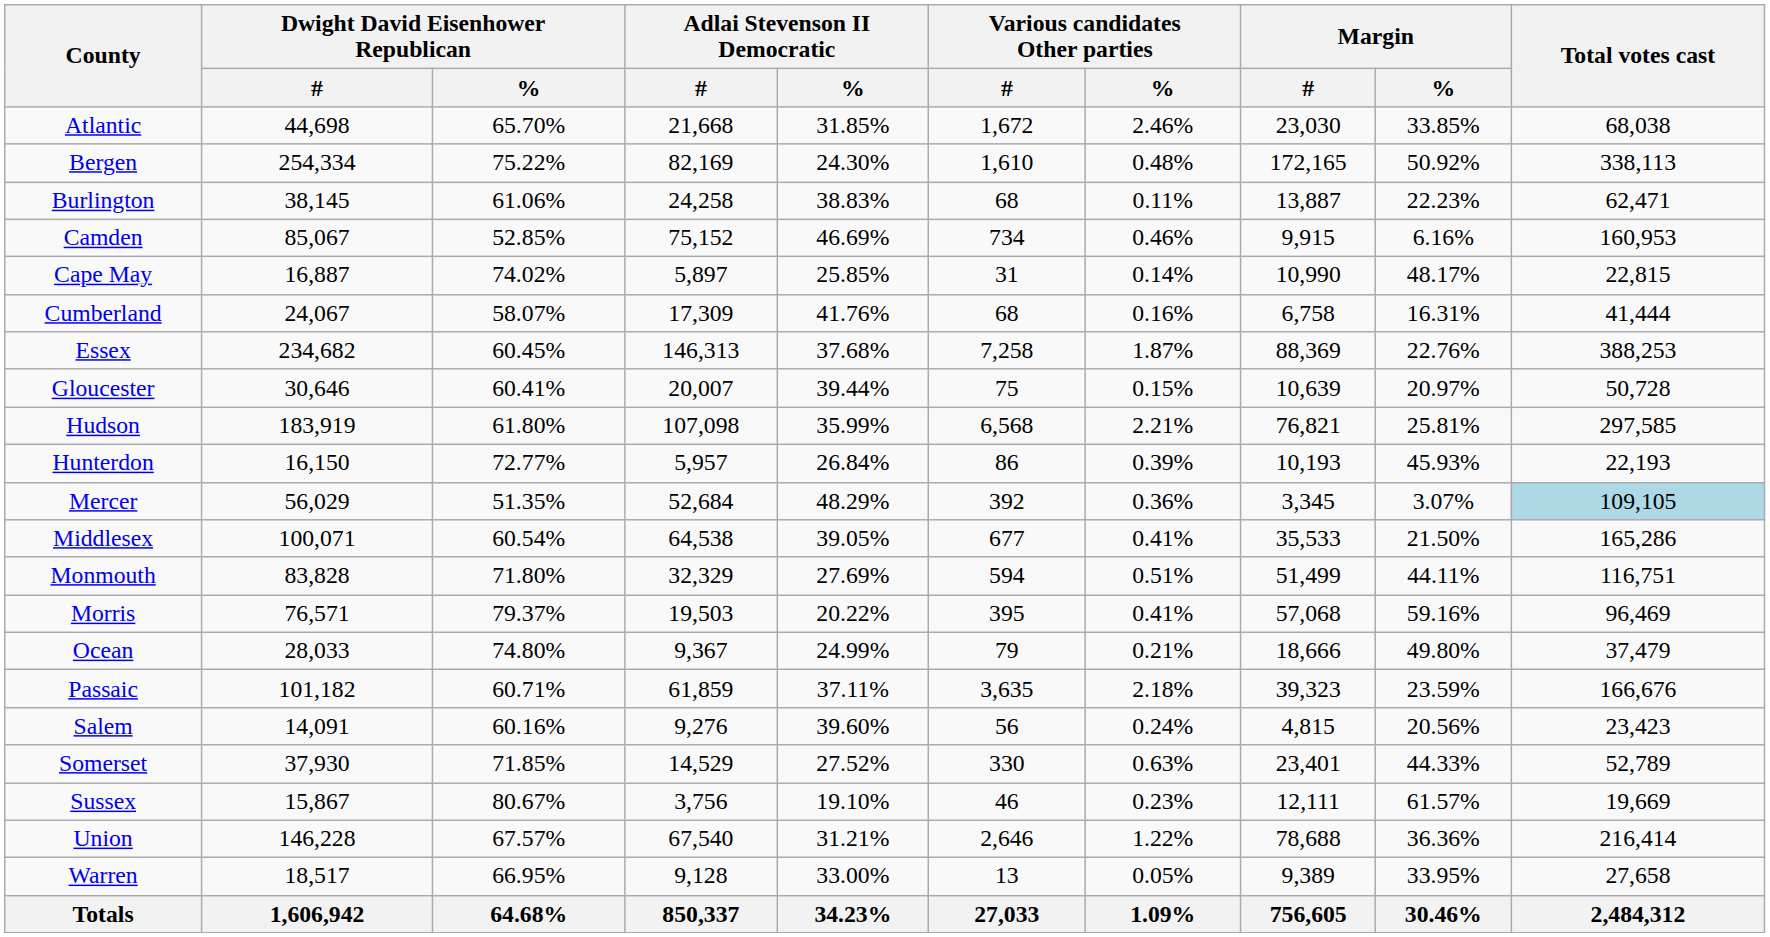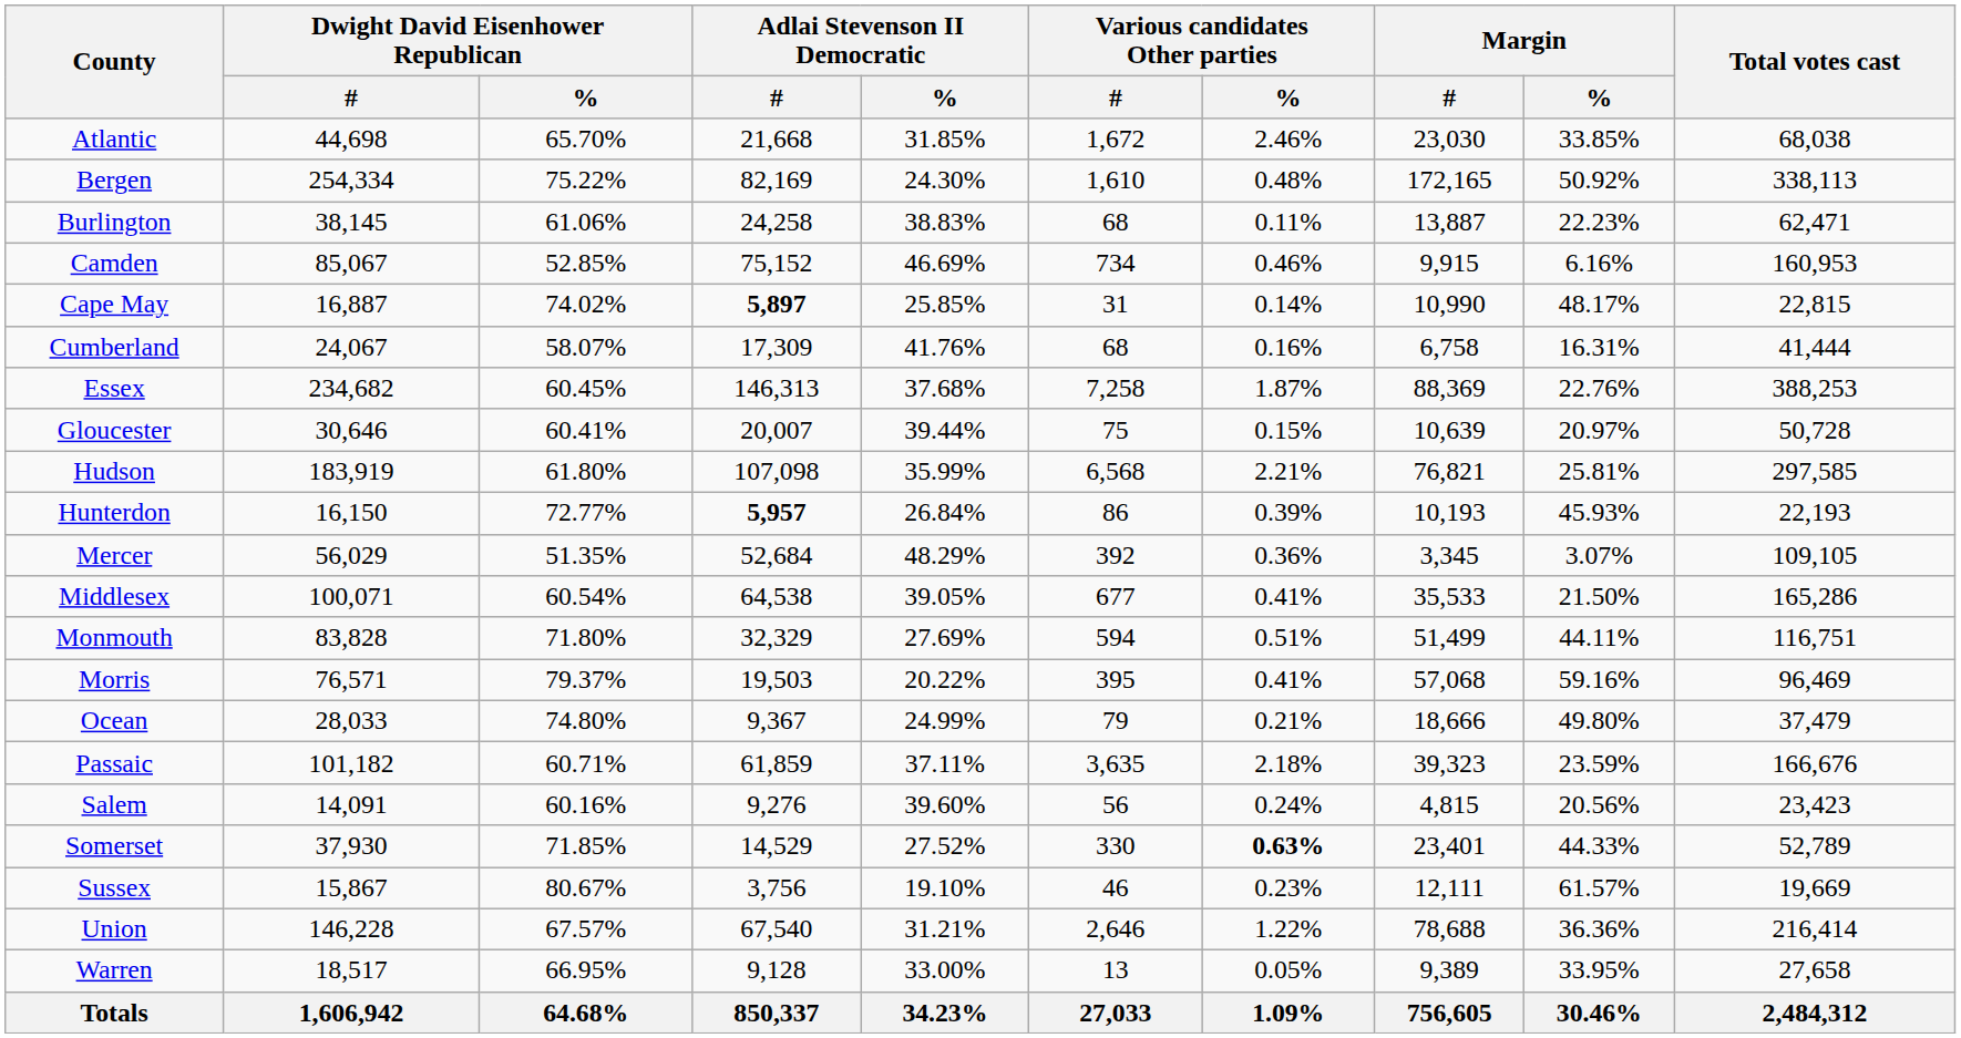 <table width="60%"  class="wikitable sortable" style="text-align:center">
 <tr>
 <th style="text-align:center;" rowspan="2">County</th>
 <th style="text-align:center;" colspan="2">Dwight David Eisenhower<br>Republican</th>
 <th style="text-align:center;" colspan="2">Adlai Stevenson II<br>Democratic</th>
 <th style="text-align:center;" colspan="2">Various candidates<br>Other parties</th>
 <th style="text-align:center;" colspan="2">Margin</th>
 <th style="text-align:center;" rowspan="2">Total votes cast</th>
 </tr>
 <tr>
 <th data-sort-type="number">#</th>
 <th data-sort-type="number">%</th>
 <th data-sort-type="number">#</th>
 <th data-sort-type="number">%</th>
 <th data-sort-type="number">#</th>
 <th data-sort-type="number">%</th>
 <th data-sort-type="number">#</th>
 <th data-sort-type="number">%</th>
 </tr>
 <tr style="text-align:center;">
 <td><a href='#'>Atlantic</a></td>
 <td>44,698</td>
 <td>65.70%</td>
 <td>21,668</td>
 <td>31.85%</td>
 <td>1,672</td>
 <td>2.46%</td>
 <td>23,030</td>
 <td>33.85%</td>
 <td>68,038</td>
 </tr>
 <tr style="text-align:center;">
 <td><a href='#'>Bergen</a></td>
 <td>254,334</td>
 <td>75.22%</td>
 <td>82,169</td>
 <td>24.30%</td>
 <td>1,610</td>
 <td>0.48%</td>
 <td>172,165</td>
 <td>50.92%</td>
 <td>338,113</td>
 </tr>
 <tr style="text-align:center;">
 <td><a href='#'>Burlington</a></td>
 <td>38,145</td>
 <td>61.06%</td>
 <td>24,258</td>
 <td>38.83%</td>
 <td>68</td>
 <td>0.11%</td>
 <td>13,887</td>
 <td>22.23%</td>
 <td>62,471</td>
 </tr>
 <tr style="text-align:center;">
 <td><a href='#'>Camden</a></td>
 <td>85,067</td>
 <td>52.85%</td>
 <td>75,152</td>
 <td>46.69%</td>
 <td>734</td>
 <td>0.46%</td>
 <td>9,915</td>
 <td>6.16%</td>
 <td>160,953</td>
 </tr>
 <tr style="text-align:center;">
 <td><a href='#'>Cape May</a></td>
 <td>16,887</td>
 <td>74.02%</td>
-<td>5,897</td>
+<td><strong>5,897</strong></td>
 <td>25.85%</td>
 <td>31</td>
 <td>0.14%</td>
 <td>10,990</td>
 <td>48.17%</td>
 <td>22,815</td>
 </tr>
 <tr style="text-align:center;">
 <td><a href='#'>Cumberland</a></td>
 <td>24,067</td>
 <td>58.07%</td>
 <td>17,309</td>
 <td>41.76%</td>
 <td>68</td>
 <td>0.16%</td>
 <td>6,758</td>
 <td>16.31%</td>
 <td>41,444</td>
 </tr>
 <tr style="text-align:center;">
 <td><a href='#'>Essex</a></td>
 <td>234,682</td>
 <td>60.45%</td>
 <td>146,313</td>
 <td>37.68%</td>
 <td>7,258</td>
 <td>1.87%</td>
 <td>88,369</td>
 <td>22.76%</td>
 <td>388,253</td>
 </tr>
 <tr style="text-align:center;">
 <td><a href='#'>Gloucester</a></td>
 <td>30,646</td>
 <td>60.41%</td>
 <td>20,007</td>
 <td>39.44%</td>
 <td>75</td>
 <td>0.15%</td>
 <td>10,639</td>
 <td>20.97%</td>
 <td>50,728</td>
 </tr>
 <tr style="text-align:center;">
 <td><a href='#'>Hudson</a></td>
 <td>183,919</td>
 <td>61.80%</td>
 <td>107,098</td>
 <td>35.99%</td>
 <td>6,568</td>
 <td>2.21%</td>
 <td>76,821</td>
 <td>25.81%</td>
 <td>297,585</td>
 </tr>
 <tr style="text-align:center;">
 <td><a href='#'>Hunterdon</a></td>
 <td>16,150</td>
 <td>72.77%</td>
-<td>5,957</td>
+<td><strong>5,957</strong></td>
 <td>26.84%</td>
 <td>86</td>
 <td>0.39%</td>
 <td>10,193</td>
 <td>45.93%</td>
 <td>22,193</td>
 </tr>
 <tr style="text-align:center;">
 <td><a href='#'>Mercer</a></td>
 <td>56,029</td>
 <td>51.35%</td>
 <td>52,684</td>
 <td>48.29%</td>
 <td>392</td>
 <td>0.36%</td>
 <td>3,345</td>
 <td>3.07%</td>
-<td style="background: lightblue;">109,105</td>
+<td>109,105</td>
 </tr>
 <tr style="text-align:center;">
 <td><a href='#'>Middlesex</a></td>
 <td>100,071</td>
 <td>60.54%</td>
 <td>64,538</td>
 <td>39.05%</td>
 <td>677</td>
 <td>0.41%</td>
 <td>35,533</td>
 <td>21.50%</td>
 <td>165,286</td>
 </tr>
 <tr style="text-align:center;">
 <td><a href='#'>Monmouth</a></td>
 <td>83,828</td>
 <td>71.80%</td>
 <td>32,329</td>
 <td>27.69%</td>
 <td>594</td>
 <td>0.51%</td>
 <td>51,499</td>
 <td>44.11%</td>
 <td>116,751</td>
 </tr>
 <tr style="text-align:center;">
 <td><a href='#'>Morris</a></td>
 <td>76,571</td>
 <td>79.37%</td>
 <td>19,503</td>
 <td>20.22%</td>
 <td>395</td>
 <td>0.41%</td>
 <td>57,068</td>
 <td>59.16%</td>
 <td>96,469</td>
 </tr>
 <tr style="text-align:center;">
 <td><a href='#'>Ocean</a></td>
 <td>28,033</td>
 <td>74.80%</td>
 <td>9,367</td>
 <td>24.99%</td>
 <td>79</td>
 <td>0.21%</td>
 <td>18,666</td>
 <td>49.80%</td>
 <td>37,479</td>
 </tr>
 <tr style="text-align:center;">
 <td><a href='#'>Passaic</a></td>
 <td>101,182</td>
 <td>60.71%</td>
 <td>61,859</td>
 <td>37.11%</td>
 <td>3,635</td>
 <td>2.18%</td>
 <td>39,323</td>
 <td>23.59%</td>
 <td>166,676</td>
 </tr>
 <tr style="text-align:center;">
 <td><a href='#'>Salem</a></td>
 <td>14,091</td>
 <td>60.16%</td>
 <td>9,276</td>
 <td>39.60%</td>
 <td>56</td>
 <td>0.24%</td>
 <td>4,815</td>
 <td>20.56%</td>
 <td>23,423</td>
 </tr>
 <tr style="text-align:center;">
 <td><a href='#'>Somerset</a></td>
 <td>37,930</td>
 <td>71.85%</td>
 <td>14,529</td>
 <td>27.52%</td>
 <td>330</td>
-<td>0.63%</td>
+<td><strong>0.63%</strong></td>
 <td>23,401</td>
 <td>44.33%</td>
 <td>52,789</td>
 </tr>
 <tr style="text-align:center;">
 <td><a href='#'>Sussex</a></td>
 <td>15,867</td>
 <td>80.67%</td>
 <td>3,756</td>
 <td>19.10%</td>
 <td>46</td>
 <td>0.23%</td>
 <td>12,111</td>
 <td>61.57%</td>
 <td>19,669</td>
 </tr>
 <tr style="text-align:center;">
 <td><a href='#'>Union</a></td>
 <td>146,228</td>
 <td>67.57%</td>
 <td>67,540</td>
 <td>31.21%</td>
 <td>2,646</td>
 <td>1.22%</td>
 <td>78,688</td>
 <td>36.36%</td>
 <td>216,414</td>
 </tr>
 <tr style="text-align:center;">
 <td><a href='#'>Warren</a></td>
 <td>18,517</td>
 <td>66.95%</td>
 <td>9,128</td>
 <td>33.00%</td>
 <td>13</td>
 <td>0.05%</td>
 <td>9,389</td>
 <td>33.95%</td>
 <td>27,658</td>
 </tr>
 <tr style="text-align:center;">
 <th>Totals</th>
 <th>1,606,942</th>
 <th>64.68%</th>
 <th>850,337</th>
 <th>34.23%</th>
 <th>27,033</th>
 <th>1.09%</th>
 <th>756,605</th>
 <th>30.46%</th>
 <th>2,484,312</th>
 </tr>
 </table>
